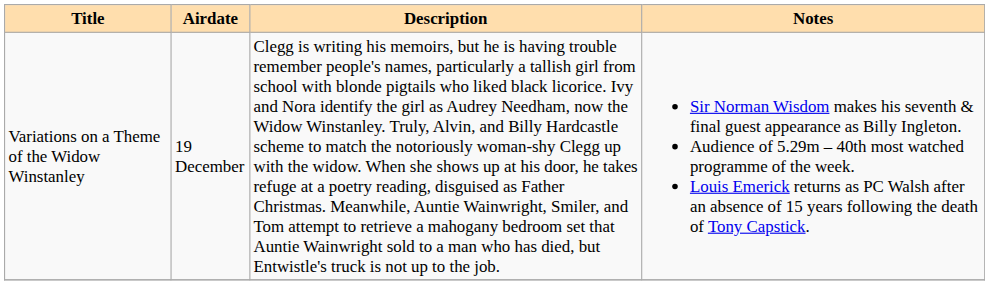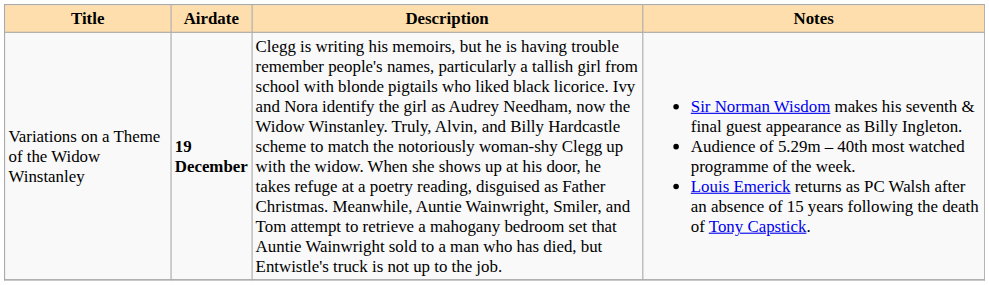 <table class="wikitable" width=100% border=1 style="font-size: 95%">
 <tr>
 <th style="background:#ffdead" width=17%>Title</th>
 <th style="background:#ffdead" width=8%>Airdate</th>
 <th style="background:#ffdead" width=40%>Description</th>
 <th style="background:#ffdead" width=35%>Notes</th>
 </tr>
 <tr>
 <td>Variations on a Theme of the Widow Winstanley</td>
-<td>19 December</td>
+<td><strong>19 December</strong></td>
 <td>Clegg is writing his memoirs, but he is having trouble remember people's names, particularly a tallish girl from school with blonde pigtails who liked black licorice.  Ivy and Nora identify the girl as Audrey Needham, now the Widow Winstanley.  Truly, Alvin, and Billy Hardcastle scheme to match the notoriously woman-shy Clegg up with the widow.  When she shows up at his door, he takes refuge at a poetry reading, disguised as Father Christmas.  Meanwhile, Auntie Wainwright, Smiler, and Tom attempt to retrieve a mahogany bedroom set that Auntie Wainwright sold to a man who has died, but Entwistle's truck is not up to the job.</td>
 <td><br><ul><li><a href='#'>Sir Norman Wisdom</a> makes his seventh & final guest appearance as Billy Ingleton.</li><li>Audience of 5.29m – 40th most watched programme of the week.</li><li><a href='#'>Louis Emerick</a> returns as PC Walsh after an absence of 15 years following the death of <a href='#'>Tony Capstick</a>.</li></ul></td>
 </tr>
 <tr>
 </tr>
 </table>
